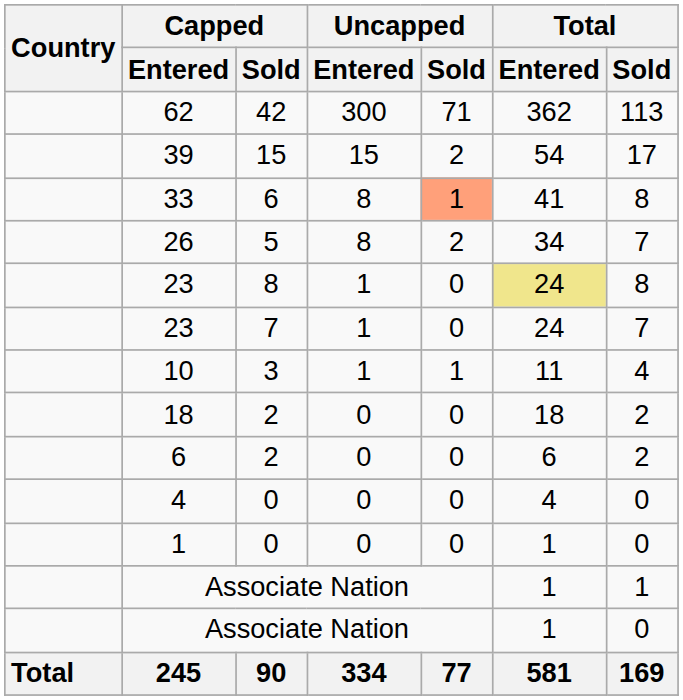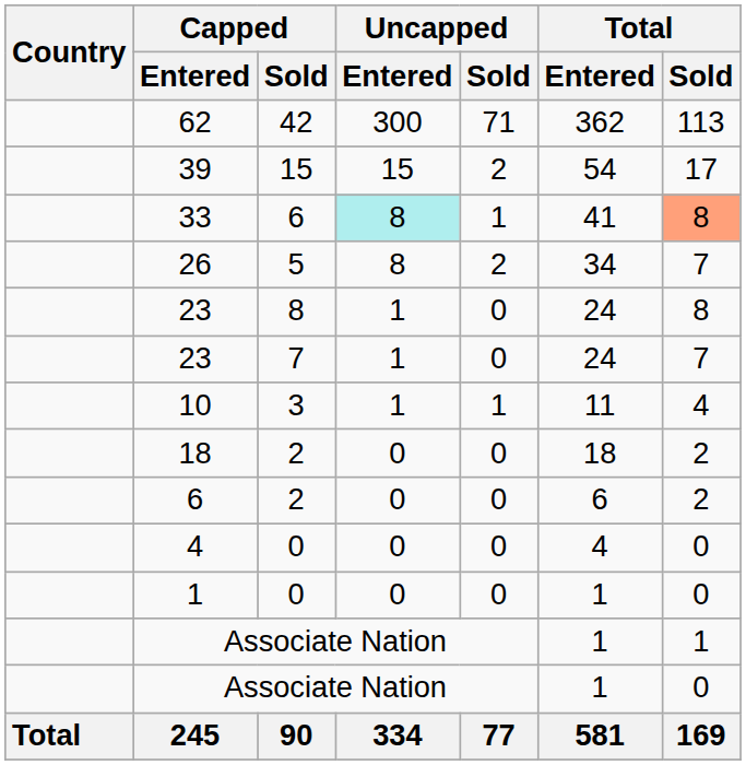 <table class="wikitable" style="text-align:center">
 <tr>
 <th rowspan="2">Country</th>
 <th colspan="2">Capped</th>
 <th colspan="2">Uncapped</th>
 <th colspan="2">Total</th>
 </tr>
 <tr>
 <th>Entered</th>
 <th>Sold</th>
 <th>Entered</th>
 <th>Sold</th>
 <th>Entered</th>
 <th>Sold</th>
 </tr>
 <tr>
 <td style="text-align:left"></td>
 <td>62</td>
 <td>42</td>
 <td>300</td>
 <td>71</td>
 <td>362</td>
 <td>113</td>
 </tr>
 <tr>
 <td style="text-align:left"></td>
 <td>39</td>
 <td>15</td>
 <td>15</td>
 <td>2</td>
 <td>54</td>
 <td>17</td>
 </tr>
 <tr>
 <td style="text-align:left"></td>
 <td>33</td>
 <td>6</td>
-<td>8</td>
-<td style="background: lightsalmon;">1</td>
+<td style="background: paleturquoise;">8</td>
+<td>1</td>
 <td>41</td>
-<td>8</td>
+<td style="background: lightsalmon;">8</td>
 </tr>
 <tr>
 <td style="text-align:left"></td>
 <td>26</td>
 <td>5</td>
 <td>8</td>
 <td>2</td>
 <td>34</td>
 <td>7</td>
 </tr>
 <tr>
 <td style="text-align:left"></td>
 <td>23</td>
 <td>8</td>
 <td>1</td>
 <td>0</td>
-<td style="background: khaki;">24</td>
+<td>24</td>
 <td>8</td>
 </tr>
 <tr>
 <td style="text-align:left"></td>
 <td>23</td>
 <td>7</td>
 <td>1</td>
 <td>0</td>
 <td>24</td>
 <td>7</td>
 </tr>
 <tr>
 <td style="text-align:left"></td>
 <td>10</td>
 <td>3</td>
 <td>1</td>
 <td>1</td>
 <td>11</td>
 <td>4</td>
 </tr>
 <tr>
 <td style="text-align:left"></td>
 <td>18</td>
 <td>2</td>
 <td>0</td>
 <td>0</td>
 <td>18</td>
 <td>2</td>
 </tr>
 <tr>
 <td style="text-align:left"></td>
 <td>6</td>
 <td>2</td>
 <td>0</td>
 <td>0</td>
 <td>6</td>
 <td>2</td>
 </tr>
 <tr>
 <td style="text-align:left"></td>
 <td>4</td>
 <td>0</td>
 <td>0</td>
 <td>0</td>
 <td>4</td>
 <td>0</td>
 </tr>
 <tr>
 <td style="text-align:left"></td>
 <td>1</td>
 <td>0</td>
 <td>0</td>
 <td>0</td>
 <td>1</td>
 <td>0</td>
 </tr>
 <tr>
 <td style="text-align:left"></td>
 <td colspan="4">Associate Nation</td>
 <td>1</td>
 <td>1</td>
 </tr>
 <tr>
 <td style="text-align:left"></td>
 <td colspan="4">Associate Nation</td>
 <td>1</td>
 <td>0</td>
 </tr>
 <tr>
 <th style="text-align:left">Total</th>
 <th>245</th>
 <th>90</th>
 <th>334</th>
 <th>77</th>
 <th>581</th>
 <th>169</th>
 </tr>
 </table>
